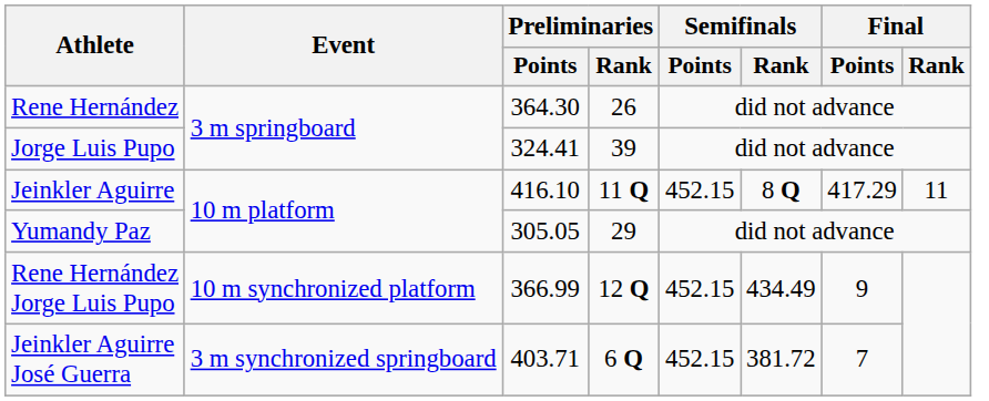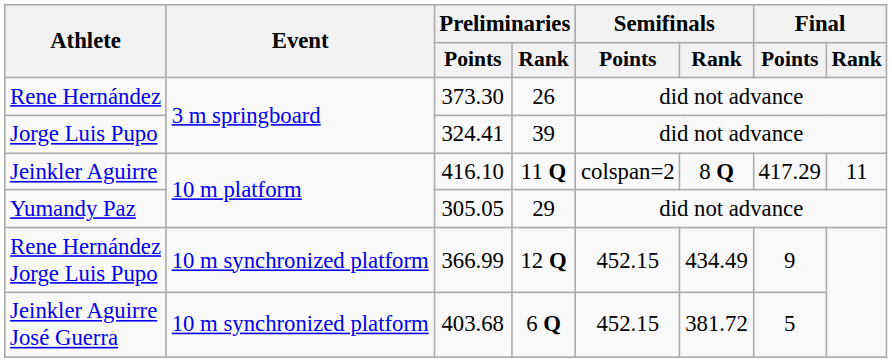 <table class=wikitable style="font-size:90%;">
 <tr>
 <th rowspan="2">Athlete</th>
 <th rowspan="2">Event</th>
 <th colspan="2">Preliminaries</th>
 <th colspan="2">Semifinals</th>
 <th colspan="2">Final</th>
 </tr>
 <tr style="font-size:95%">
 <th>Points</th>
 <th>Rank</th>
 <th>Points</th>
 <th>Rank</th>
 <th>Points</th>
 <th>Rank</th>
 </tr>
 <tr align=center>
 <td align=left><a href='#'>Rene Hernández</a></td>
 <td align=left rowspan=2><a href='#'>3 m springboard</a></td>
-<td>364.30</td>
+<td>373.30</td>
 <td>26</td>
 <td colspan=4>did not advance</td>
 </tr>
 <tr align=center>
 <td align=left><a href='#'>Jorge Luis Pupo</a></td>
 <td>324.41</td>
 <td>39</td>
 <td colspan=4>did not advance</td>
 </tr>
 <tr align=center>
 <td align=left><a href='#'>Jeinkler Aguirre</a></td>
 <td align=left rowspan=2><a href='#'>10 m platform</a></td>
 <td>416.10</td>
 <td>11 <strong>Q</strong></td>
-<td>452.15</td>
+<td>colspan=2 </td>
 <td>8 <strong>Q</strong></td>
 <td>417.29</td>
 <td>11</td>
 </tr>
 <tr align=center>
 <td align=left><a href='#'>Yumandy Paz</a></td>
 <td>305.05</td>
 <td>29</td>
 <td colspan=4>did not advance</td>
 </tr>
 <tr align=center>
 <td align=left><a href='#'>Rene Hernández</a><br><a href='#'>Jorge Luis Pupo</a></td>
 <td align=left><a href='#'>10 m synchronized platform</a></td>
 <td>366.99</td>
 <td>12 <strong>Q</strong></td>
 <td>452.15</td>
 <td>434.49</td>
 <td>9</td>
 </tr>
 <tr align=center>
 <td align=left><a href='#'>Jeinkler Aguirre</a><br><a href='#'>José Guerra</a></td>
-<td align=left><a href='#'>3 m synchronized springboard</a></td>
-<td>403.71</td>
+<td align=left><a href='#'>10 m synchronized platform</a></td>
+<td>403.68</td>
 <td>6 <strong>Q</strong></td>
 <td>452.15</td>
 <td>381.72</td>
-<td>7</td>
+<td>5</td>
 </tr>
 </table>
